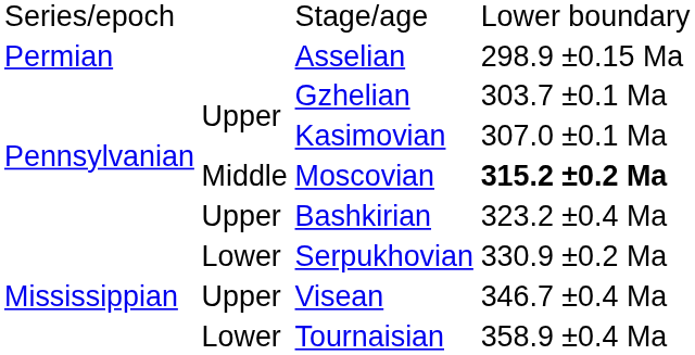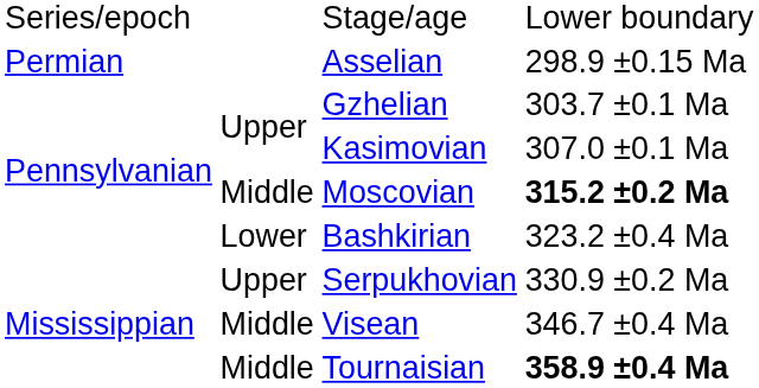 <table>
 <tr>
 <td>Series/epoch</td>
 <td></td>
 <td>Stage/age</td>
 <td>Lower boundary</td>
 </tr>
 <tr>
 <td colspan="2" style="background-color: "><a href='#'>Permian</a></td>
 <td style="background-color: "><a href='#'>Asselian</a></td>
 <td>298.9 ±0.15 Ma</td>
 </tr>
 <tr>
 <td rowspan="4" style="background-color: "><a href='#'>Pennsylvanian</a></td>
 <td rowspan="2" style="background-color: ">Upper</td>
 <td style="background-color: "><a href='#'>Gzhelian</a></td>
 <td>303.7 ±0.1 Ma</td>
 </tr>
 <tr>
 <td style="background-color: "><a href='#'>Kasimovian</a></td>
 <td>307.0 ±0.1 Ma</td>
 </tr>
 <tr>
 <td style="background-color: ">Middle</td>
 <td style="background-color: "><a href='#'>Moscovian</a></td>
 <td><strong>315.2 ±0.2 Ma</strong></td>
 </tr>
 <tr>
-<td style="background-color: ">Upper</td>
+<td style="background-color: ">Lower</td>
 <td style="background-color: "><a href='#'>Bashkirian</a></td>
 <td>323.2 ±0.4 Ma</td>
 </tr>
 <tr>
 <td rowspan="3" style="background-color: "><a href='#'>Mississippian</a></td>
-<td style="background-color: ">Lower</td>
+<td style="background-color: ">Upper</td>
 <td style="background-color: "><a href='#'>Serpukhovian</a></td>
 <td>330.9 ±0.2 Ma</td>
 </tr>
 <tr>
-<td style="background-color: ">Upper</td>
+<td style="background-color: ">Middle</td>
 <td style="background-color: "><a href='#'>Visean</a></td>
 <td>346.7 ±0.4 Ma</td>
 </tr>
 <tr>
-<td style="background-color: ">Lower</td>
+<td style="background-color: ">Middle</td>
 <td style="background-color: "><a href='#'>Tournaisian</a></td>
-<td>358.9 ±0.4 Ma</td>
+<td><strong>358.9 ±0.4 Ma</strong></td>
 </tr>
 </table>
